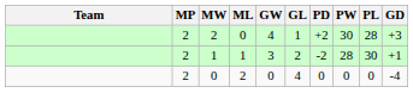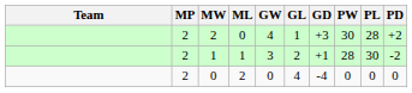 <table class=wikitable style="text-align:center">
 <tr>
 <th width=200>Team</th>
 <th width=20>MP</th>
 <th width=20>MW</th>
 <th width=20>ML</th>
 <th width=20>GW</th>
 <th width=20>GL</th>
-<th width=20>PD</th>
+<th width=20>GD</th>
 <th width=20>PW</th>
 <th width=20>PL</th>
-<th width=20>GD</th>
+<th width=20>PD</th>
 </tr>
 <tr style="background:#cfc;">
 <td align=left><br></td>
 <td>2</td>
 <td>2</td>
 <td>0</td>
 <td>4</td>
 <td>1</td>
-<td>+2</td>
+<td>+3</td>
 <td>30</td>
 <td>28</td>
-<td>+3</td>
+<td>+2</td>
 </tr>
 <tr style="background:#cfc;">
 <td align=left><br></td>
 <td>2</td>
 <td>1</td>
 <td>1</td>
 <td>3</td>
 <td>2</td>
-<td>-2</td>
+<td>+1</td>
 <td>28</td>
 <td>30</td>
-<td>+1</td>
+<td>-2</td>
 </tr>
 <tr>
 <td align=left><br></td>
 <td>2</td>
 <td>0</td>
 <td>2</td>
 <td>0</td>
 <td>4</td>
+<td>-4</td>
 <td>0</td>
 <td>0</td>
 <td>0</td>
-<td>-4</td>
 </tr>
 </table>
